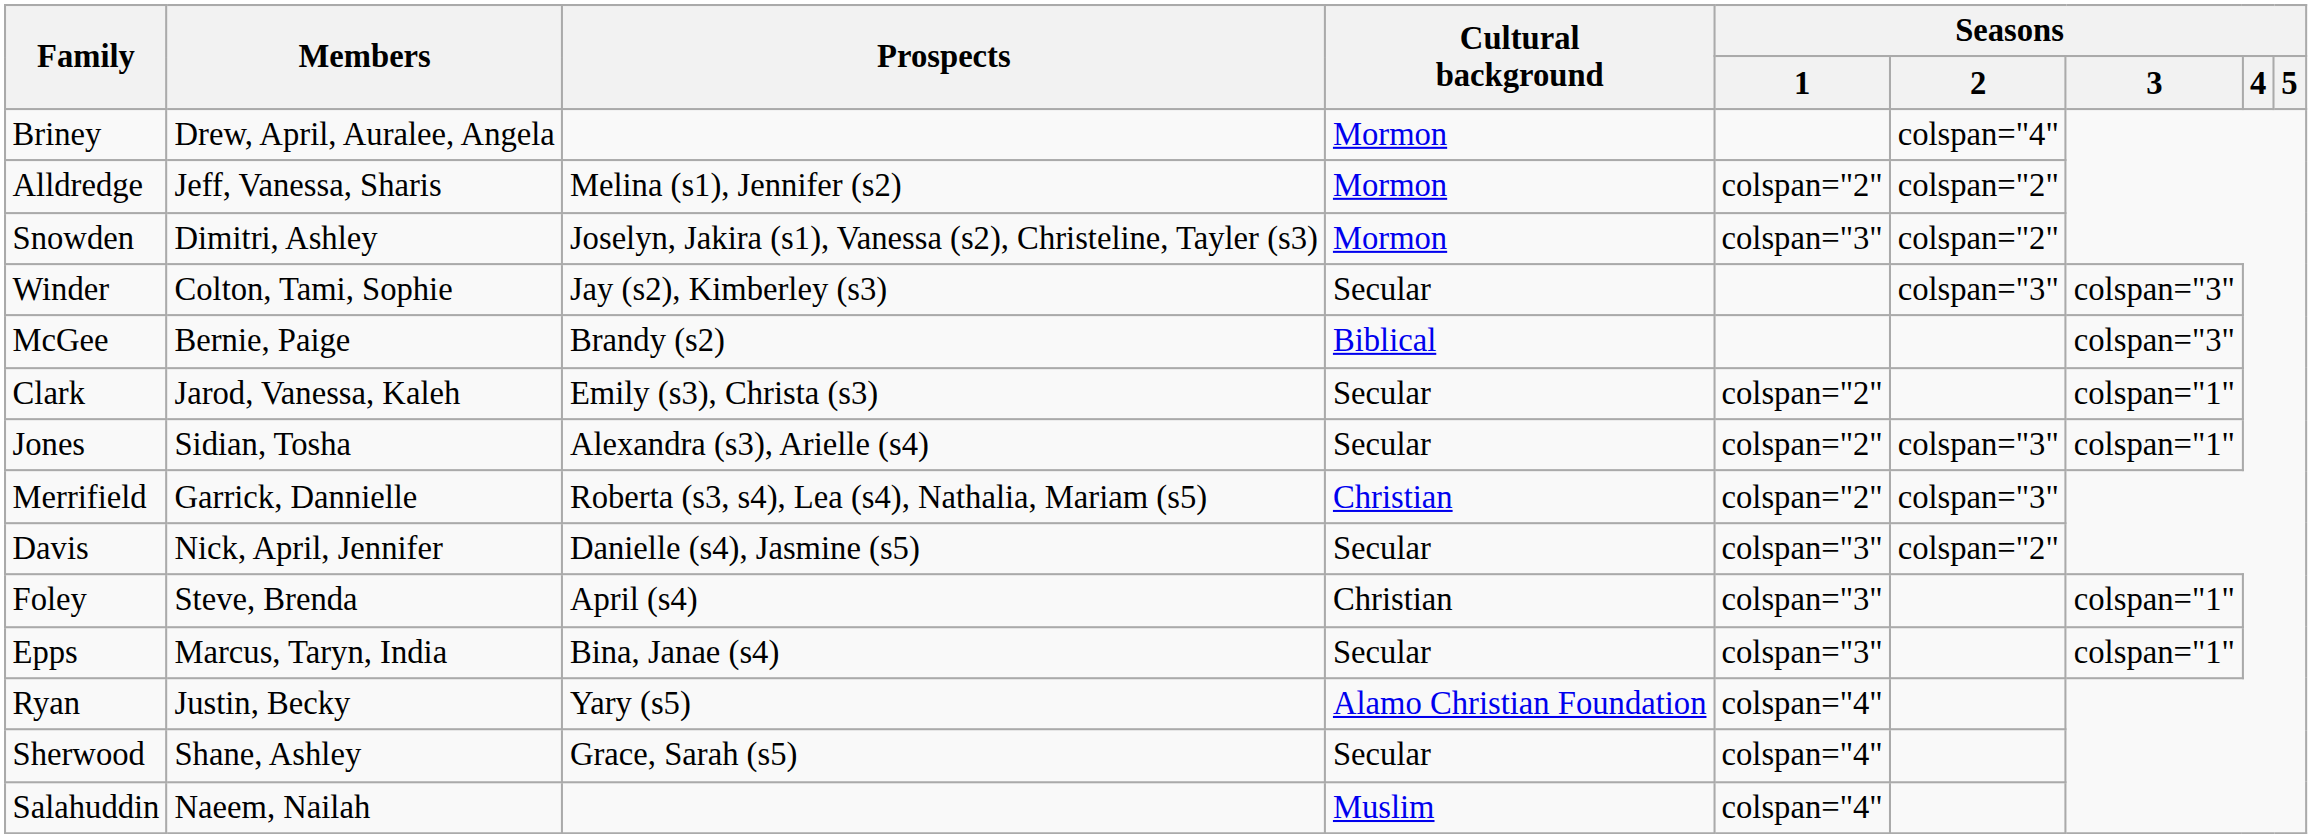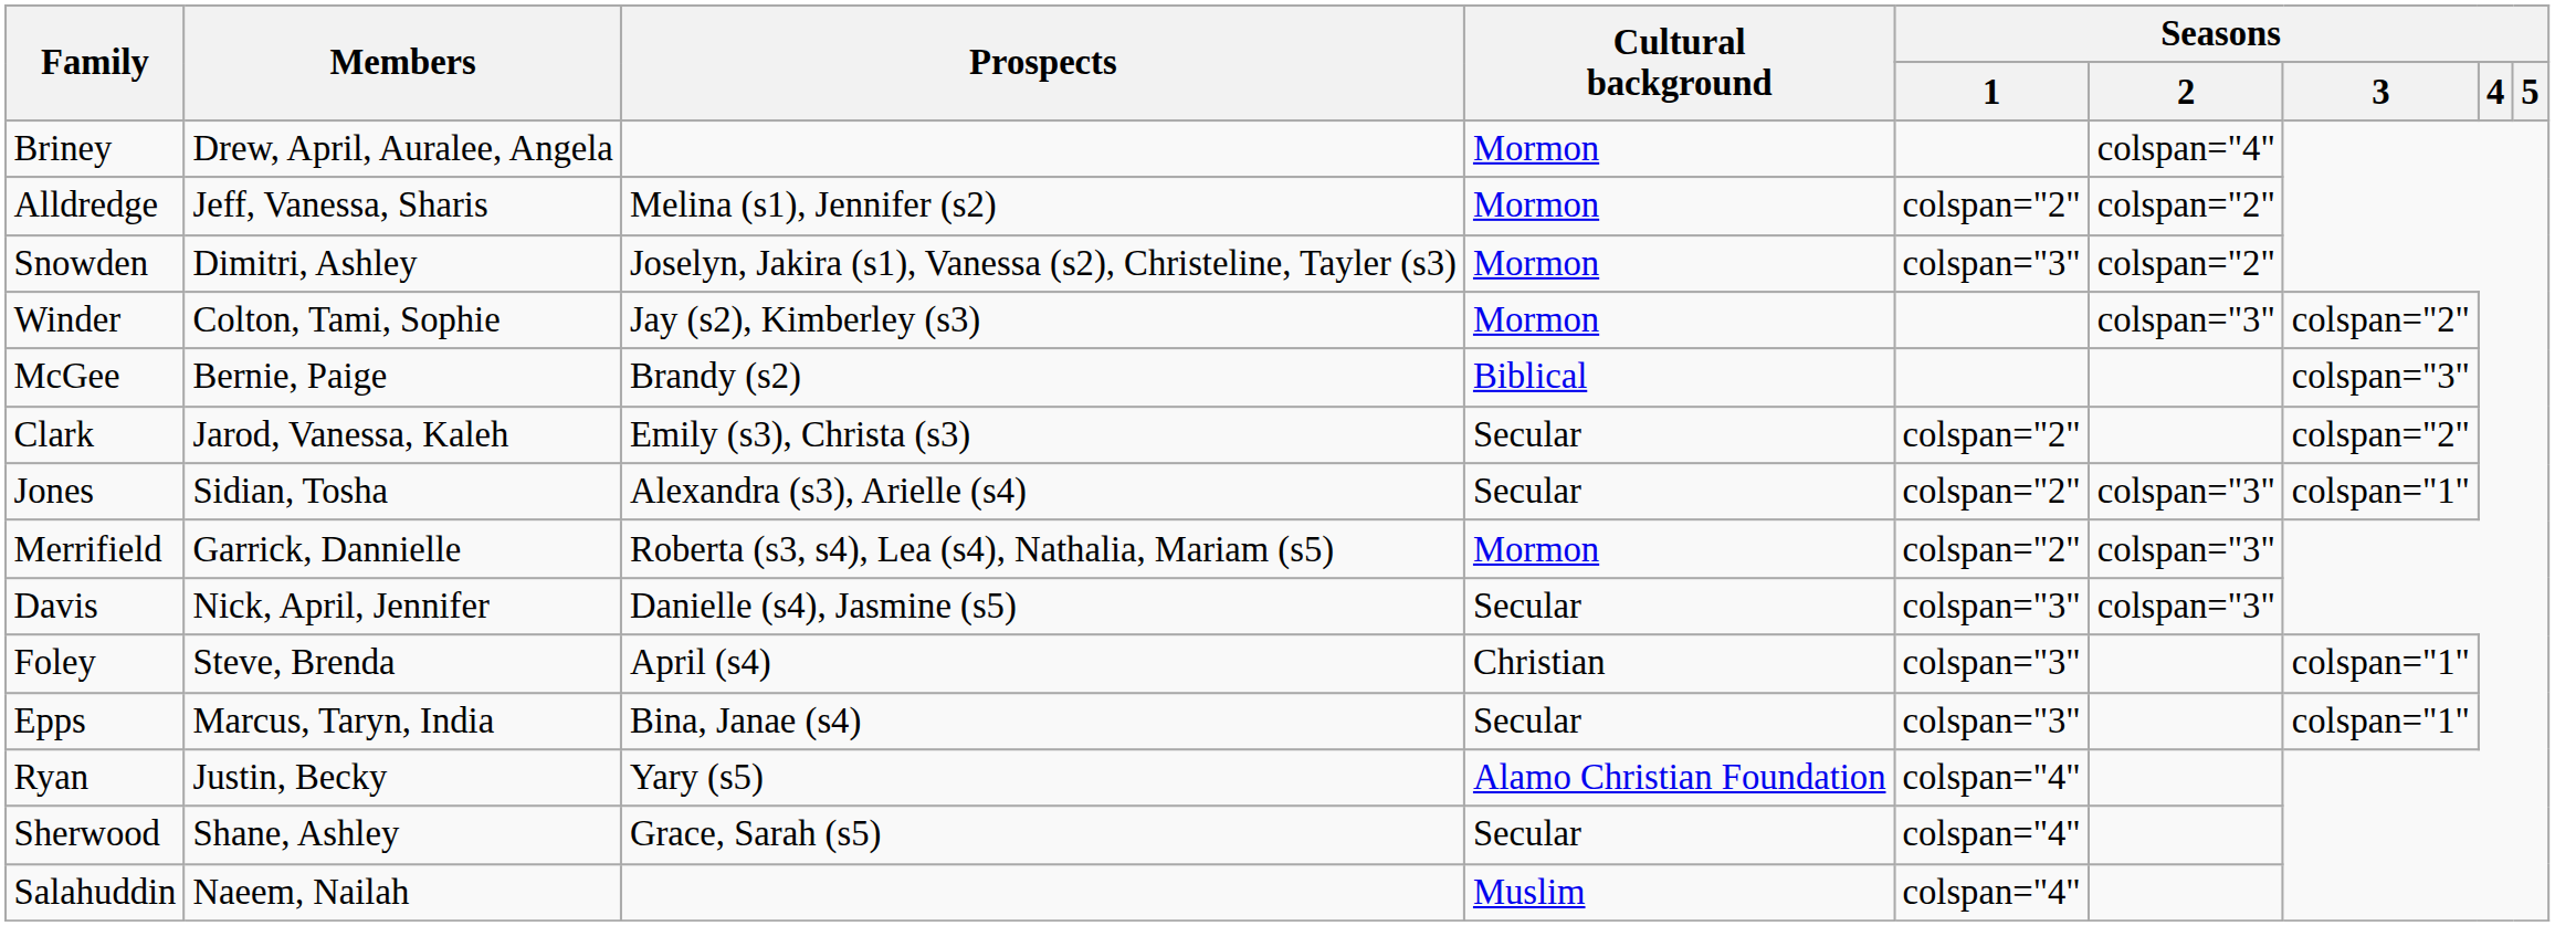 <table class="wikitable">
 <tr>
 <th rowspan="2">Family</th>
 <th rowspan="2">Members</th>
 <th rowspan="2">Prospects</th>
 <th rowspan="2">Cultural<br>background</th>
 <th colspan="5">Seasons</th>
 </tr>
 <tr>
 <th scope="col">1</th>
 <th scope="col">2</th>
 <th scope="col">3</th>
 <th scope="col">4</th>
 <th scope="col">5</th>
 </tr>
 <tr>
 <td>Briney</td>
 <td>Drew, April, Auralee, Angela</td>
 <td></td>
 <td><a href='#'>Mormon</a></td>
 <td> </td>
 <td>colspan="4" </td>
 </tr>
 <tr>
 <td>Alldredge</td>
 <td>Jeff, Vanessa, Sharis</td>
 <td>Melina (s1), Jennifer (s2)</td>
 <td><a href='#'>Mormon</a></td>
 <td>colspan="2"  </td>
 <td>colspan="2"  </td>
 </tr>
 <tr>
 <td>Snowden</td>
 <td>Dimitri, Ashley</td>
 <td>Joselyn, Jakira (s1), Vanessa (s2), Christeline, Tayler (s3)</td>
 <td><a href='#'>Mormon</a></td>
 <td>colspan="3"  </td>
 <td>colspan="2" </td>
 </tr>
 <tr>
 <td>Winder</td>
 <td>Colton, Tami, Sophie</td>
 <td>Jay (s2), Kimberley (s3)</td>
-<td>Secular</td>
+<td><a href='#'>Mormon</a></td>
 <td></td>
 <td>colspan="3" </td>
-<td>colspan="3" </td>
+<td>colspan="2" </td>
 </tr>
 <tr>
 <td>McGee</td>
 <td>Bernie, Paige</td>
 <td>Brandy (s2)</td>
 <td><a href='#'>Biblical</a></td>
 <td></td>
 <td> </td>
 <td>colspan="3" </td>
 </tr>
 <tr>
 <td>Clark</td>
 <td>Jarod, Vanessa, Kaleh</td>
 <td>Emily (s3), Christa (s3)</td>
 <td>Secular</td>
 <td>colspan="2" </td>
 <td> </td>
-<td>colspan="1" </td>
+<td>colspan="2" </td>
 </tr>
 <tr>
 <td>Jones</td>
 <td>Sidian, Tosha</td>
 <td>Alexandra (s3), Arielle (s4)</td>
 <td>Secular</td>
 <td>colspan="2" </td>
 <td>colspan="3" </td>
 <td>colspan="1" </td>
 </tr>
 <tr>
 <td>Merrifield</td>
 <td>Garrick, Dannielle</td>
 <td>Roberta (s3, s4), Lea (s4), Nathalia, Mariam (s5)</td>
-<td><a href='#'>Christian</a></td>
+<td><a href='#'>Mormon</a></td>
 <td>colspan="2" </td>
 <td>colspan="3"  </td>
 </tr>
 <tr>
 <td>Davis</td>
 <td>Nick, April, Jennifer</td>
 <td>Danielle (s4), Jasmine (s5)</td>
 <td>Secular</td>
 <td>colspan="3" </td>
-<td>colspan="2"  </td>
+<td>colspan="3"  </td>
 </tr>
 <tr>
 <td>Foley</td>
 <td>Steve, Brenda</td>
 <td>April (s4)</td>
 <td>Christian</td>
 <td>colspan="3" </td>
 <td> </td>
 <td>colspan="1" </td>
 </tr>
 <tr>
 <td>Epps</td>
 <td>Marcus, Taryn, India</td>
 <td>Bina, Janae (s4)</td>
 <td>Secular</td>
 <td>colspan="3" </td>
 <td> </td>
 <td>colspan="1" </td>
 </tr>
 <tr>
 <td>Ryan</td>
 <td>Justin, Becky</td>
 <td>Yary (s5)</td>
 <td><a href='#'>Alamo Christian Foundation</a></td>
 <td>colspan="4" </td>
 <td> </td>
 </tr>
 <tr>
 <td>Sherwood</td>
 <td>Shane, Ashley</td>
 <td>Grace, Sarah (s5)</td>
 <td>Secular</td>
 <td>colspan="4" </td>
 <td> </td>
 </tr>
 <tr>
 <td>Salahuddin</td>
 <td>Naeem, Nailah</td>
 <td></td>
 <td><a href='#'>Muslim</a></td>
 <td>colspan="4" </td>
 <td> </td>
 </tr>
 </table>
